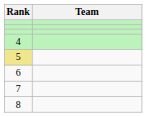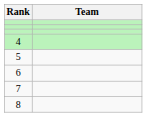 <table class="wikitable">
 <tr>
 <th>Rank</th>
 <th width=170>Team</th>
 </tr>
 <tr bgcolor=#bbf3bb>
 <td align=center></td>
 <td></td>
 </tr>
 <tr bgcolor=#bbf3bb>
 <td align=center></td>
 <td></td>
 </tr>
 <tr bgcolor=#bbf3bb>
 <td align=center></td>
 <td></td>
 </tr>
 <tr bgcolor=#bbf3bb>
 <td align=center>4</td>
 <td></td>
 </tr>
 <tr>
-<td align=center style="background: khaki;">5</td>
+<td align=center>5</td>
 <td></td>
 </tr>
 <tr>
 <td align=center>6</td>
 <td></td>
 </tr>
 <tr>
 <td align=center>7</td>
 <td></td>
 </tr>
 <tr>
 <td align=center>8</td>
 <td></td>
 </tr>
 </table>
